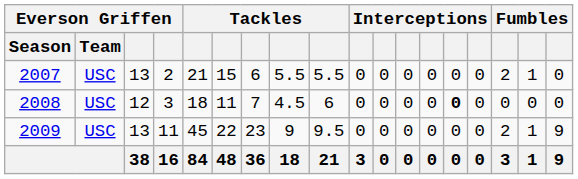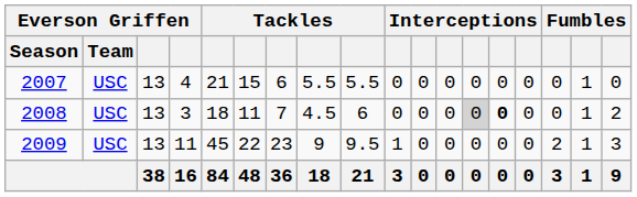 <table class="wikitable" style="text-align:center;">
 <tr>
 <th colspan="4">Everson Griffen</th>
 <th colspan="5">Tackles</th>
 <th colspan="6">Interceptions</th>
 <th colspan="3">Fumbles</th>
 </tr>
 <tr>
 <th>Season</th>
 <th>Team</th>
 <th></th>
 <th></th>
 <th></th>
 <th></th>
 <th></th>
 <th></th>
 <th></th>
 <th></th>
 <th></th>
 <th></th>
 <th></th>
 <th></th>
 <th></th>
 <th></th>
 <th></th>
 <th></th>
 </tr>
 <tr>
 <td><a href='#'>2007</a></td>
 <td><a href='#'>USC</a></td>
 <td>13</td>
-<td>2</td>
+<td>4</td>
 <td>21</td>
 <td>15</td>
 <td>6</td>
 <td>5.5</td>
 <td>5.5</td>
 <td>0</td>
 <td>0</td>
 <td>0</td>
 <td>0</td>
 <td>0</td>
 <td>0</td>
-<td>2</td>
+<td>0</td>
 <td>1</td>
 <td>0</td>
 </tr>
 <tr>
 <td><a href='#'>2008</a></td>
 <td><a href='#'>USC</a></td>
-<td>12</td>
+<td>13</td>
 <td>3</td>
 <td>18</td>
 <td>11</td>
 <td>7</td>
 <td>4.5</td>
 <td>6</td>
 <td>0</td>
 <td>0</td>
 <td>0</td>
-<td>0</td>
+<td style="background: lightgrey;">0</td>
 <td><strong>0</strong></td>
 <td>0</td>
 <td>0</td>
-<td>0</td>
-<td>0</td>
+<td>1</td>
+<td>2</td>
 </tr>
 <tr>
 <td><a href='#'>2009</a></td>
 <td><a href='#'>USC</a></td>
 <td>13</td>
 <td>11</td>
 <td>45</td>
 <td>22</td>
 <td>23</td>
 <td>9</td>
 <td>9.5</td>
-<td>0</td>
+<td>1</td>
 <td>0</td>
 <td>0</td>
 <td>0</td>
 <td>0</td>
 <td>0</td>
 <td>2</td>
 <td>1</td>
-<td>9</td>
+<td>3</td>
 </tr>
 <tr>
 <th colspan="2"></th>
 <th>38</th>
 <th>16</th>
 <th>84</th>
 <th>48</th>
 <th>36</th>
 <th>18</th>
 <th>21</th>
 <th>3</th>
 <th>0</th>
 <th>0</th>
 <th>0</th>
 <th>0</th>
 <th>0</th>
 <th>3</th>
 <th>1</th>
 <th>9</th>
 </tr>
 </table>
